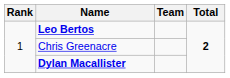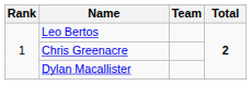 <table class="wikitable" style="text-align:center;">
 <tr>
 <th width=30>Rank</th>
 <th width=170>Name</th>
 <th width=25>Team</th>
 <th width=50>Total</th>
 </tr>
 <tr>
 <td rowspan=3>1</td>
-<td align=left><strong> <a href='#'>Leo Bertos</a></strong></td>
+<td align=left> <a href='#'>Leo Bertos</a></td>
 <td></td>
 <td rowspan=3><strong>2</strong></td>
 </tr>
 <tr>
 <td align=left> <a href='#'>Chris Greenacre</a></td>
 <td></td>
 </tr>
 <tr>
-<td align=left><strong> <a href='#'>Dylan Macallister</a></strong></td>
+<td align=left> <a href='#'>Dylan Macallister</a></td>
 <td></td>
 </tr>
 </table>
